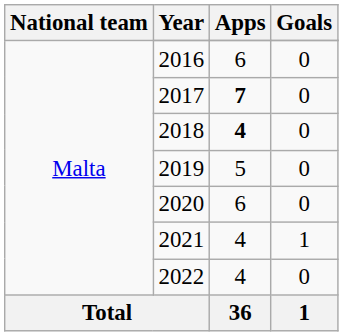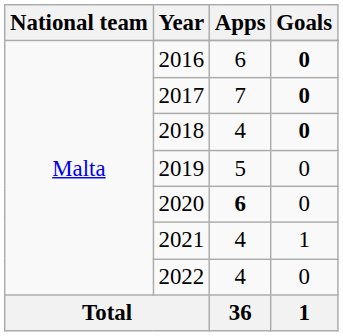 <table class=wikitable style=text-align:center>
 <tr>
 <th>National team</th>
 <th>Year</th>
 <th>Apps</th>
 <th>Goals</th>
 </tr>
 <tr>
 <td rowspan=8><a href='#'>Malta</a></td>
 </tr>
 <tr>
 <td>2016</td>
 <td>6</td>
-<td>0</td>
+<td><strong>0</strong></td>
 </tr>
 <tr>
 <td>2017</td>
-<td><strong>7</strong></td>
-<td>0</td>
+<td>7</td>
+<td><strong>0</strong></td>
 </tr>
 <tr>
 <td>2018</td>
-<td><strong>4</strong></td>
-<td>0</td>
+<td>4</td>
+<td><strong>0</strong></td>
 </tr>
 <tr>
 <td>2019</td>
 <td>5</td>
 <td>0</td>
 </tr>
 <tr>
 <td>2020</td>
-<td>6</td>
+<td><strong>6</strong></td>
 <td>0</td>
 </tr>
 <tr>
 <td>2021</td>
 <td>4</td>
 <td>1</td>
 </tr>
 <tr>
 <td>2022</td>
 <td>4</td>
 <td>0</td>
 </tr>
 <tr>
 <th colspan=2>Total</th>
 <th>36</th>
 <th>1</th>
 </tr>
 </table>
